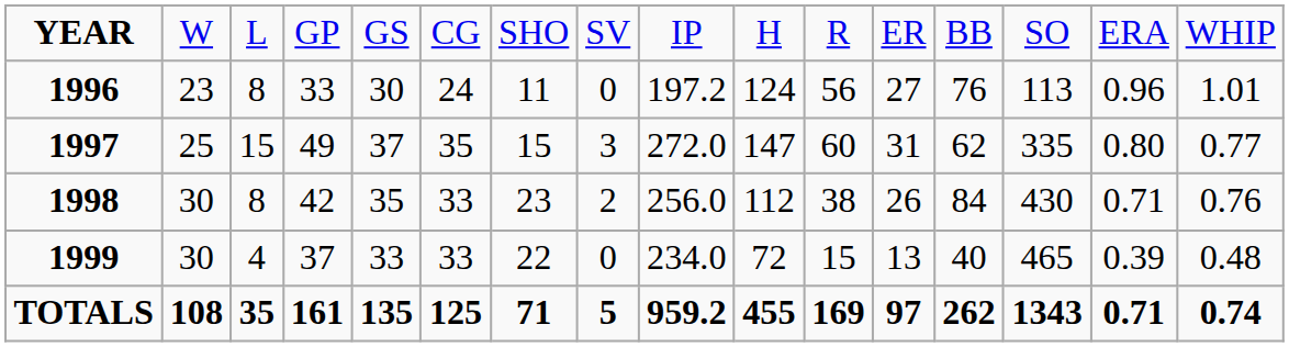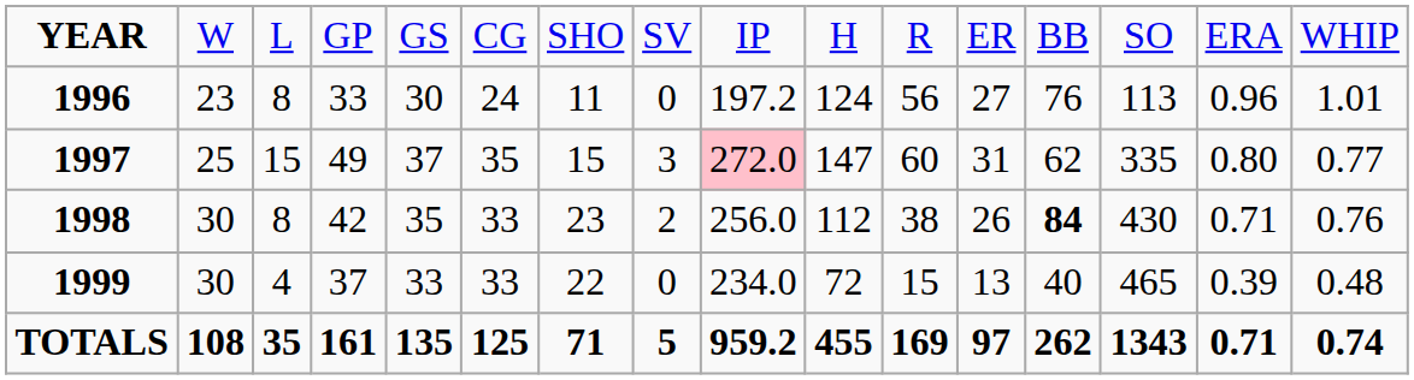 <table class="wikitable">
 <tr align=center>
 <td><strong>YEAR</strong></td>
 <td><a href='#'>W</a></td>
 <td><a href='#'>L</a></td>
 <td><a href='#'>GP</a></td>
 <td><a href='#'>GS</a></td>
 <td><a href='#'>CG</a></td>
 <td><a href='#'>SHO</a></td>
 <td><a href='#'>SV</a></td>
 <td><a href='#'>IP</a></td>
 <td><a href='#'>H</a></td>
 <td><a href='#'>R</a></td>
 <td><a href='#'>ER</a></td>
 <td><a href='#'>BB</a></td>
 <td><a href='#'>SO</a></td>
 <td><a href='#'>ERA</a></td>
 <td><a href='#'>WHIP</a></td>
 </tr>
 <tr align=center>
 <td><strong>1996</strong></td>
 <td>23</td>
 <td>8</td>
 <td>33</td>
 <td>30</td>
 <td>24</td>
 <td>11</td>
 <td>0</td>
 <td>197.2</td>
 <td>124</td>
 <td>56</td>
 <td>27</td>
 <td>76</td>
 <td>113</td>
 <td>0.96</td>
 <td>1.01</td>
 </tr>
 <tr align=center>
 <td><strong>1997</strong></td>
 <td>25</td>
 <td>15</td>
 <td>49</td>
 <td>37</td>
 <td>35</td>
 <td>15</td>
 <td>3</td>
-<td>272.0</td>
+<td style="background: pink;">272.0</td>
 <td>147</td>
 <td>60</td>
 <td>31</td>
 <td>62</td>
 <td>335</td>
 <td>0.80</td>
 <td>0.77</td>
 </tr>
 <tr align=center>
 <td><strong>1998</strong></td>
 <td>30</td>
 <td>8</td>
 <td>42</td>
 <td>35</td>
 <td>33</td>
 <td>23</td>
 <td>2</td>
 <td>256.0</td>
 <td>112</td>
 <td>38</td>
 <td>26</td>
-<td>84</td>
+<td><strong>84</strong></td>
 <td>430</td>
 <td>0.71</td>
 <td>0.76</td>
 </tr>
 <tr align=center>
 <td><strong>1999</strong></td>
 <td>30</td>
 <td>4</td>
 <td>37</td>
 <td>33</td>
 <td>33</td>
 <td>22</td>
 <td>0</td>
 <td>234.0</td>
 <td>72</td>
 <td>15</td>
 <td>13</td>
 <td>40</td>
 <td>465</td>
 <td>0.39</td>
 <td>0.48</td>
 </tr>
 <tr align=center>
 <td><strong>TOTALS</strong></td>
 <td><strong>108</strong></td>
 <td><strong>35</strong></td>
 <td><strong>161</strong></td>
 <td><strong>135</strong></td>
 <td><strong>125</strong></td>
 <td><strong>71</strong></td>
 <td><strong>5</strong></td>
 <td><strong>959.2</strong></td>
 <td><strong>455</strong></td>
 <td><strong>169</strong></td>
 <td><strong>97</strong></td>
 <td><strong>262</strong></td>
 <td><strong>1343</strong></td>
 <td><strong>0.71</strong></td>
 <td><strong>0.74</strong></td>
 </tr>
 </table>
